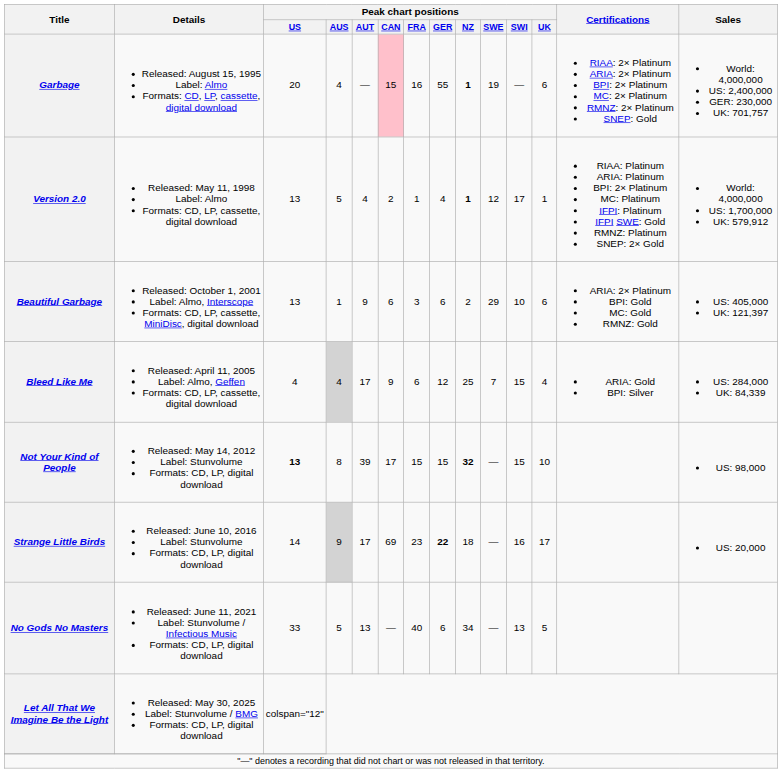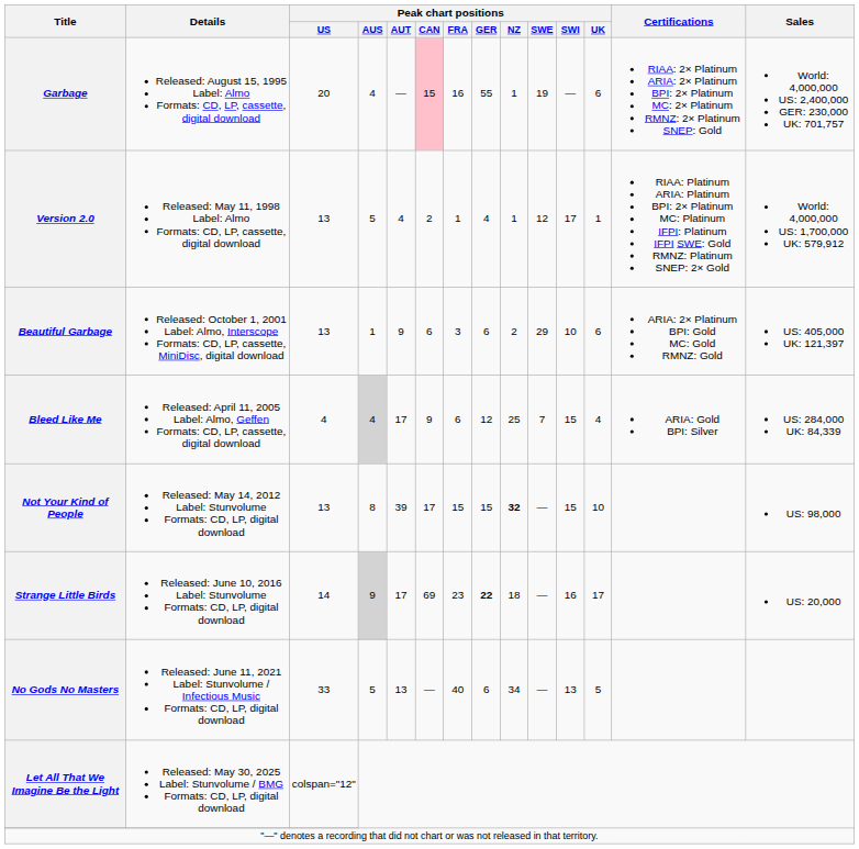 <table class="wikitable plainrowheaders" style="text-align:center;" border="1">
 <tr>
 <th scope="col" rowspan="2" style="width:12em;">Title</th>
 <th scope="col" rowspan="2" style="width:16em;">Details</th>
 <th scope="col" colspan="10">Peak chart positions</th>
 <th scope="col" rowspan="2" style="width:13em;"><a href='#'>Certifications</a></th>
 <th scope="col" rowspan="2" style="width:10em;">Sales</th>
 </tr>
 <tr>
 <th scope="col" style="width:2.5em;font-size:90%;"><a href='#'>US</a><br></th>
 <th scope="col" style="width:2.5em;font-size:90%;"><a href='#'>AUS</a><br></th>
 <th scope="col" style="width:2.5em;font-size:90%;"><a href='#'>AUT</a><br></th>
 <th scope="col" style="width:2.5em;font-size:90%;"><a href='#'>CAN</a><br></th>
 <th scope="col" style="width:2.5em;font-size:90%;"><a href='#'>FRA</a><br></th>
 <th scope="col" style="width:2.5em;font-size:90%;"><a href='#'>GER</a><br></th>
 <th scope="col" style="width:2.5em;font-size:90%;"><a href='#'>NZ</a><br></th>
 <th scope="col" style="width:2.5em;font-size:90%;"><a href='#'>SWE</a><br></th>
 <th scope="col" style="width:2.5em;font-size:90%;"><a href='#'>SWI</a><br></th>
 <th scope="col" style="width:2.5em;font-size:90%;"><a href='#'>UK</a><br></th>
 </tr>
 <tr>
 <th scope="row"><em><a href='#'>Garbage</a></em></th>
 <td><br><ul><li>Released: August 15, 1995</li><li>Label: <a href='#'>Almo</a></li><li>Formats: <a href='#'>CD</a>, <a href='#'>LP</a>, <a href='#'>cassette</a>, <a href='#'>digital download</a></li></ul></td>
 <td>20</td>
 <td>4</td>
 <td>—</td>
 <td style="background: pink;">15</td>
 <td>16</td>
 <td>55</td>
-<td><strong>1</strong></td>
+<td>1</td>
 <td>19</td>
 <td>—</td>
 <td>6</td>
 <td><br><ul><li><a href='#'>RIAA</a>: 2× Platinum</li><li><a href='#'>ARIA</a>: 2× Platinum</li><li><a href='#'>BPI</a>: 2× Platinum</li><li><a href='#'>MC</a>: 2× Platinum</li><li><a href='#'>RMNZ</a>: 2× Platinum</li><li><a href='#'>SNEP</a>: Gold</li></ul></td>
 <td><br><ul><li>World: 4,000,000</li><li>US: 2,400,000</li><li>GER: 230,000</li><li>UK: 701,757</li></ul></td>
 </tr>
 <tr>
 <th scope="row"><em><a href='#'>Version 2.0</a></em></th>
 <td><br><ul><li>Released: May 11, 1998</li><li>Label: Almo</li><li>Formats: CD, LP, cassette, digital download</li></ul></td>
 <td>13</td>
 <td>5</td>
 <td>4</td>
 <td>2</td>
 <td>1</td>
 <td>4</td>
-<td><strong>1</strong></td>
+<td>1</td>
 <td>12</td>
 <td>17</td>
 <td>1</td>
 <td><br><ul><li>RIAA: Platinum</li><li>ARIA: Platinum</li><li>BPI: 2× Platinum</li><li>MC: Platinum</li><li><a href='#'>IFPI</a>: Platinum</li><li><a href='#'>IFPI</a> <a href='#'>SWE</a>: Gold</li><li>RMNZ: Platinum</li><li>SNEP: 2× Gold</li></ul></td>
 <td><br><ul><li>World: 4,000,000</li><li>US: 1,700,000</li><li>UK: 579,912</li></ul></td>
 </tr>
 <tr>
 <th scope="row"><em><a href='#'>Beautiful Garbage</a></em></th>
 <td><br><ul><li>Released: October 1, 2001</li><li>Label: Almo, <a href='#'>Interscope</a></li><li>Formats: CD, LP, cassette, <a href='#'>MiniDisc</a>, digital download</li></ul></td>
 <td>13</td>
 <td>1</td>
 <td>9</td>
 <td>6</td>
 <td>3</td>
 <td>6</td>
 <td>2</td>
 <td>29</td>
 <td>10</td>
 <td>6</td>
 <td><br><ul><li>ARIA: 2× Platinum</li><li>BPI: Gold</li><li>MC: Gold</li><li>RMNZ: Gold</li></ul></td>
 <td><br><ul><li>US: 405,000</li><li>UK: 121,397</li></ul></td>
 </tr>
 <tr>
 <th scope="row"><em><a href='#'>Bleed Like Me</a></em></th>
 <td><br><ul><li>Released: April 11, 2005</li><li>Label: Almo, <a href='#'>Geffen</a></li><li>Formats: CD, LP, cassette, digital download</li></ul></td>
 <td>4</td>
 <td style="background: lightgrey;">4</td>
 <td>17</td>
 <td>9</td>
 <td>6</td>
 <td>12</td>
 <td>25</td>
 <td>7</td>
 <td>15</td>
 <td>4</td>
 <td><br><ul><li>ARIA: Gold</li><li>BPI: Silver</li></ul></td>
 <td><br><ul><li>US: 284,000</li><li>UK: 84,339</li></ul></td>
 </tr>
 <tr>
 <th scope="row"><em><a href='#'>Not Your Kind of People</a></em></th>
 <td><br><ul><li>Released: May 14, 2012</li><li>Label: Stunvolume</li><li>Formats: CD, LP, digital download</li></ul></td>
-<td><strong>13</strong></td>
+<td>13</td>
 <td>8</td>
 <td>39</td>
 <td>17</td>
 <td>15</td>
 <td>15</td>
 <td><strong>32</strong></td>
 <td>—</td>
 <td>15</td>
 <td>10</td>
 <td></td>
 <td><br><ul><li>US: 98,000</li></ul></td>
 </tr>
 <tr>
 <th scope="row"><em><a href='#'>Strange Little Birds</a></em></th>
 <td><br><ul><li>Released: June 10, 2016</li><li>Label: Stunvolume</li><li>Formats: CD, LP, digital download</li></ul></td>
 <td>14</td>
 <td style="background: lightgrey;">9</td>
 <td>17</td>
 <td>69</td>
 <td>23</td>
 <td><strong>22</strong></td>
 <td>18</td>
 <td>—</td>
 <td>16</td>
 <td>17</td>
 <td></td>
 <td><br><ul><li>US: 20,000</li></ul></td>
 </tr>
 <tr>
 <th scope="row"><em><a href='#'>No Gods No Masters</a></em></th>
 <td><br><ul><li>Released: June 11, 2021</li><li>Label: Stunvolume / <a href='#'>Infectious Music</a></li><li>Formats: CD, LP, digital download</li></ul></td>
 <td>33</td>
 <td>5</td>
 <td>13</td>
 <td>—</td>
 <td>40</td>
 <td>6</td>
 <td>34</td>
 <td>—</td>
 <td>13</td>
 <td>5</td>
 <td></td>
 <td></td>
 </tr>
 <tr>
 <th scope="row"><em><a href='#'>Let All That We Imagine Be the Light</a></em></th>
 <td><br><ul><li>Released: May 30, 2025</li><li>Label: Stunvolume / <a href='#'>BMG</a></li><li>Formats: CD, LP, digital download</li></ul></td>
 <td>colspan="12" </td>
 </tr>
 <tr>
 </tr>
 <tr>
 <td colspan="14" style="font-size:90%">"—" denotes a recording that did not chart or was not released in that territory.</td>
 </tr>
 </table>
